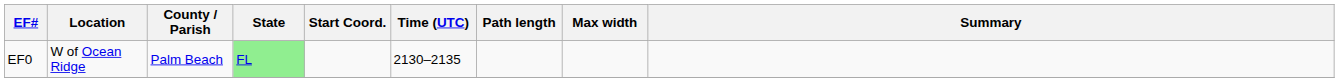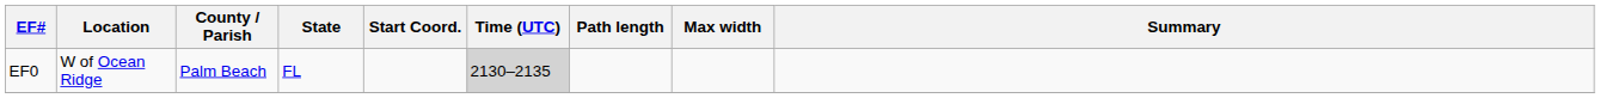 <table class="wikitable sortable" style="width:100%;">
 <tr>
 <th scope="col"  style="width:3%; text-align:center;"><a href='#'>EF#</a></th>
 <th scope="col"  style="width:7%; text-align:center;" class="unsortable">Location</th>
 <th scope="col"  style="width:6%; text-align:center;" class="unsortable">County / Parish</th>
 <th scope="col"  style="width:5%; text-align:center;">State</th>
 <th scope="col"  style="width:6%; text-align:center;">Start Coord.</th>
 <th scope="col"  style="width:6%; text-align:center;">Time (<a href='#'>UTC</a>)</th>
 <th scope="col"  style="width:6%; text-align:center;">Path length</th>
 <th scope="col"  style="width:6%; text-align:center;">Max width</th>
 <th scope="col" class="unsortable" style="width:48%; text-align:center;">Summary</th>
 </tr>
 <tr>
 <td>EF0</td>
 <td>W of <a href='#'>Ocean Ridge</a></td>
 <td><a href='#'>Palm Beach</a></td>
-<td style="background: lightgreen;"><a href='#'>FL</a></td>
+<td><a href='#'>FL</a></td>
 <td></td>
-<td>2130–2135</td>
+<td style="background: lightgrey;">2130–2135</td>
 <td></td>
 <td></td>
 <td></td>
 </tr>
 <tr>
 </tr>
 </table>
